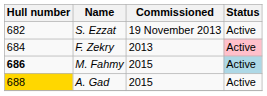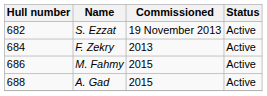 <table class="wikitable">
 <tr>
 <th>Hull number</th>
 <th>Name</th>
 <th>Commissioned</th>
 <th>Status</th>
 </tr>
 <tr>
 <td>682</td>
 <td><em>S. Ezzat</em></td>
 <td>19 November 2013</td>
 <td>Active</td>
 </tr>
 <tr>
 <td>684</td>
 <td><em>F. Zekry</em></td>
 <td>2013</td>
-<td style="background: pink;">Active</td>
+<td>Active</td>
 </tr>
 <tr>
-<td><strong>686</strong></td>
+<td>686</td>
 <td><em>M. Fahmy</em></td>
 <td>2015</td>
-<td style="background: lightblue;">Active</td>
+<td>Active</td>
 </tr>
 <tr>
-<td style="background: gold;">688</td>
+<td>688</td>
 <td><em>A. Gad</em></td>
 <td>2015</td>
 <td>Active</td>
 </tr>
 <tr>
 </tr>
 </table>
